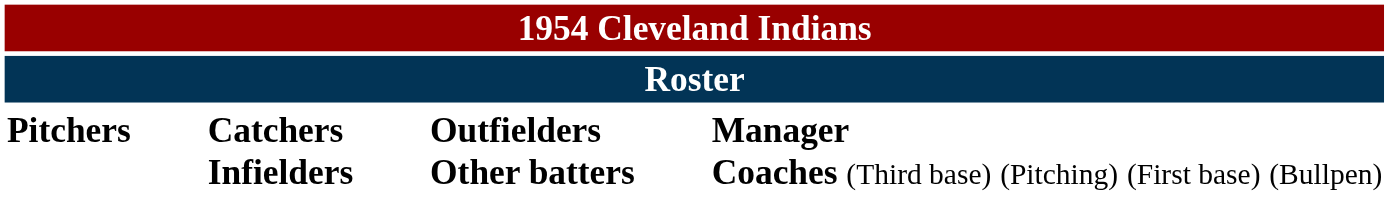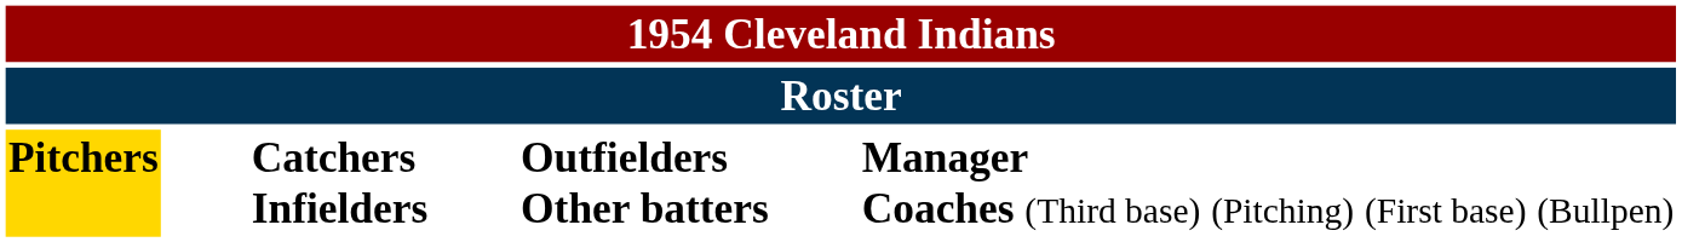 <table class="toccolours" style="font-size: 95%;">
 <tr>
 <th colspan="10" style="background-color: #990000; color: white; text-align: center;">1954 Cleveland Indians</th>
 </tr>
 <tr>
 <td colspan="10" style="background-color: #023456; color: white; text-align: center;"><strong>Roster</strong></td>
 </tr>
 <tr>
-<td valign="top"><strong>Pitchers</strong><br>            </td>
+<td valign="top" style="background: gold;"><strong>Pitchers</strong><br>            </td>
 <td width="25px"></td>
 <td valign="top"><strong>Catchers</strong><br>    <strong>Infielders</strong>         </td>
 <td width="25px"></td>
 <td valign="top"><strong>Outfielders</strong><br>       <strong>Other batters</strong>  </td>
 <td width="25px"></td>
 <td valign="top"><strong>Manager</strong><br> <strong>Coaches</strong>  <small>(Third base)</small>  <small>(Pitching)</small>  <small>(First base)</small>  <small>(Bullpen)</small></td>
 </tr>
 </table>
